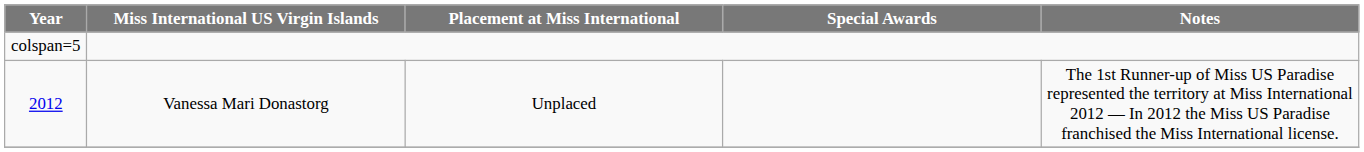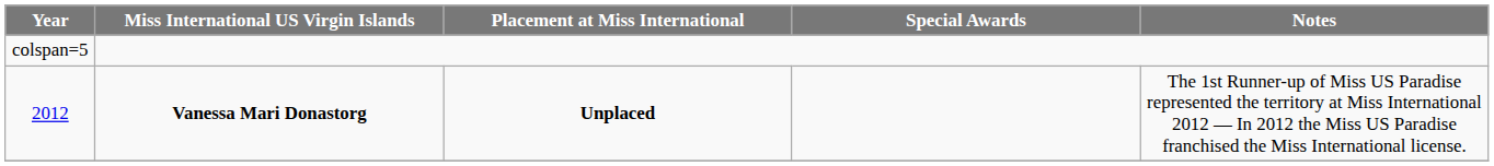 <table class="wikitable " style="font-size: 85%; text-align:center">
 <tr>
 <th width="60" style="background-color:#787878;color:#FFFFFF;">Year</th>
 <th width="250" style="background-color:#787878;color:#FFFFFF;">Miss International US Virgin Islands</th>
 <th width="250" style="background-color:#787878;color:#FFFFFF;">Placement at Miss International</th>
 <th width="250" style="background-color:#787878;color:#FFFFFF;">Special Awards</th>
 <th width="250" style="background-color:#787878;color:#FFFFFF;">Notes</th>
 </tr>
 <tr>
 <td>colspan=5 </td>
 </tr>
 <tr>
 <td><a href='#'>2012</a></td>
-<td>Vanessa Mari Donastorg</td>
-<td>Unplaced</td>
+<td><strong>Vanessa Mari Donastorg</strong></td>
+<td><strong>Unplaced</strong></td>
 <td></td>
 <td>The 1st Runner-up of Miss US Paradise represented the territory at Miss International 2012 — In 2012 the Miss US Paradise franchised the Miss International license.</td>
 </tr>
 <tr>
 </tr>
 </table>
